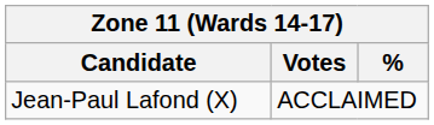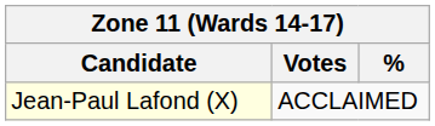 <table class="wikitable">
 <tr>
 <th colspan="3">Zone 11 (Wards 14-17)</th>
 </tr>
 <tr>
 <th style="width: 170px">Candidate</th>
 <th style="width: 50px">Votes</th>
 <th style="width: 40px">%</th>
 </tr>
 <tr>
-<td>Jean-Paul Lafond (X)</td>
+<td style="background: lightyellow;">Jean-Paul Lafond (X)</td>
 <td colspan="2">ACCLAIMED</td>
 </tr>
 </table>
